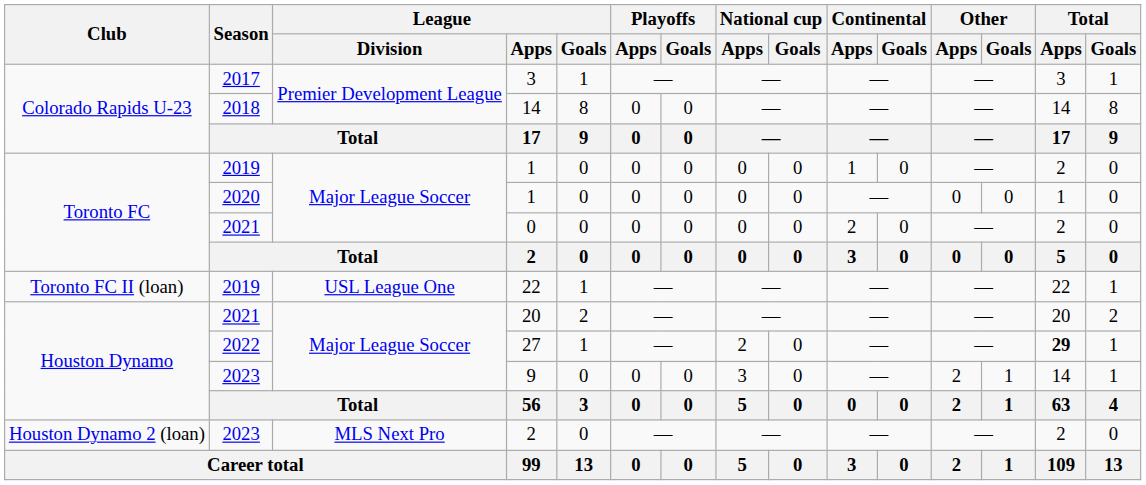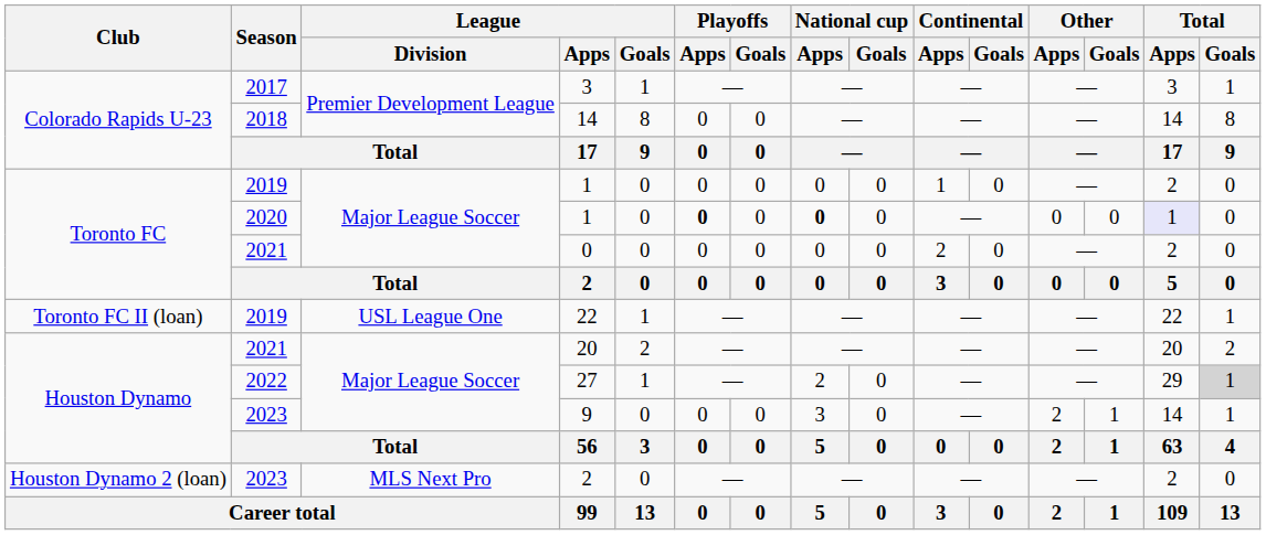 <table class="wikitable" style="text-align: center;">
 <tr>
 <th rowspan="2">Club</th>
 <th rowspan="2">Season</th>
 <th colspan="3">League</th>
 <th colspan="2">Playoffs</th>
 <th colspan="2">National cup</th>
 <th colspan="2">Continental</th>
 <th colspan="2">Other</th>
 <th colspan="2">Total</th>
 </tr>
 <tr>
 <th>Division</th>
 <th>Apps</th>
 <th>Goals</th>
 <th>Apps</th>
 <th>Goals</th>
 <th>Apps</th>
 <th>Goals</th>
 <th>Apps</th>
 <th>Goals</th>
 <th>Apps</th>
 <th>Goals</th>
 <th>Apps</th>
 <th>Goals</th>
 </tr>
 <tr>
 <td rowspan="3"><a href='#'>Colorado Rapids U-23</a></td>
 <td><a href='#'>2017</a></td>
 <td rowspan="2"><a href='#'>Premier Development League</a></td>
 <td>3</td>
 <td>1</td>
 <td colspan="2">—</td>
 <td colspan="2">—</td>
 <td colspan="2">—</td>
 <td colspan="2">—</td>
 <td>3</td>
 <td>1</td>
 </tr>
 <tr>
 <td><a href='#'>2018</a></td>
 <td>14</td>
 <td>8</td>
 <td>0</td>
 <td>0</td>
 <td colspan="2">—</td>
 <td colspan="2">—</td>
 <td colspan="2">—</td>
 <td>14</td>
 <td>8</td>
 </tr>
 <tr>
 <th colspan="2">Total</th>
 <th>17</th>
 <th>9</th>
 <th>0</th>
 <th>0</th>
 <th colspan="2">—</th>
 <th colspan="2">—</th>
 <th colspan="2">—</th>
 <th>17</th>
 <th>9</th>
 </tr>
 <tr>
 <td rowspan="4"><a href='#'>Toronto FC</a></td>
 <td><a href='#'>2019</a></td>
 <td rowspan="3"><a href='#'>Major League Soccer</a></td>
 <td>1</td>
 <td>0</td>
 <td>0</td>
 <td>0</td>
 <td>0</td>
 <td>0</td>
 <td>1</td>
 <td>0</td>
 <td colspan="2">—</td>
 <td>2</td>
 <td>0</td>
 </tr>
 <tr>
 <td><a href='#'>2020</a></td>
 <td>1</td>
 <td>0</td>
+<td><strong>0</strong></td>
 <td>0</td>
-<td>0</td>
-<td>0</td>
+<td><strong>0</strong></td>
 <td>0</td>
 <td colspan="2">—</td>
 <td>0</td>
 <td>0</td>
-<td>1</td>
+<td style="background: lavender;">1</td>
 <td>0</td>
 </tr>
 <tr>
 <td><a href='#'>2021</a></td>
 <td>0</td>
 <td>0</td>
 <td>0</td>
 <td>0</td>
 <td>0</td>
 <td>0</td>
 <td>2</td>
 <td>0</td>
 <td colspan="2">—</td>
 <td>2</td>
 <td>0</td>
 </tr>
 <tr>
 <th colspan="2">Total</th>
 <th>2</th>
 <th>0</th>
 <th>0</th>
 <th>0</th>
 <th>0</th>
 <th>0</th>
 <th>3</th>
 <th>0</th>
 <th>0</th>
 <th>0</th>
 <th>5</th>
 <th>0</th>
 </tr>
 <tr>
 <td><a href='#'>Toronto FC II</a> (loan)</td>
 <td><a href='#'>2019</a></td>
 <td><a href='#'>USL League One</a></td>
 <td>22</td>
 <td>1</td>
 <td colspan="2">—</td>
 <td colspan="2">—</td>
 <td colspan="2">—</td>
 <td colspan="2">—</td>
 <td>22</td>
 <td>1</td>
 </tr>
 <tr>
 <td rowspan="4"><a href='#'>Houston Dynamo</a></td>
 <td><a href='#'>2021</a></td>
 <td rowspan="3"><a href='#'>Major League Soccer</a></td>
 <td>20</td>
 <td>2</td>
 <td colspan="2">—</td>
 <td colspan="2">—</td>
 <td colspan="2">—</td>
 <td colspan="2">—</td>
 <td>20</td>
 <td>2</td>
 </tr>
 <tr>
 <td><a href='#'>2022</a></td>
 <td>27</td>
 <td>1</td>
 <td colspan="2">—</td>
 <td>2</td>
 <td>0</td>
 <td colspan="2">—</td>
 <td colspan="2">—</td>
-<td><strong>29</strong></td>
-<td>1</td>
+<td>29</td>
+<td style="background: lightgrey;">1</td>
 </tr>
 <tr>
 <td><a href='#'>2023</a></td>
 <td>9</td>
 <td>0</td>
 <td>0</td>
 <td>0</td>
 <td>3</td>
 <td>0</td>
 <td colspan="2">—</td>
 <td>2</td>
 <td>1</td>
 <td>14</td>
 <td>1</td>
 </tr>
 <tr>
 <th colspan="2">Total</th>
 <th>56</th>
 <th>3</th>
 <th>0</th>
 <th>0</th>
 <th>5</th>
 <th>0</th>
 <th>0</th>
 <th>0</th>
 <th>2</th>
 <th>1</th>
 <th>63</th>
 <th>4</th>
 </tr>
 <tr>
 <td><a href='#'>Houston Dynamo 2</a> (loan)</td>
 <td><a href='#'>2023</a></td>
 <td><a href='#'>MLS Next Pro</a></td>
 <td>2</td>
 <td>0</td>
 <td colspan="2">—</td>
 <td colspan="2">—</td>
 <td colspan="2">—</td>
 <td colspan="2">—</td>
 <td>2</td>
 <td>0</td>
 </tr>
 <tr>
 <th colspan="3">Career total</th>
 <th>99</th>
 <th>13</th>
 <th>0</th>
 <th>0</th>
 <th>5</th>
 <th>0</th>
 <th>3</th>
 <th>0</th>
 <th>2</th>
 <th>1</th>
 <th>109</th>
 <th>13</th>
 </tr>
 </table>
